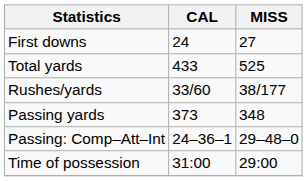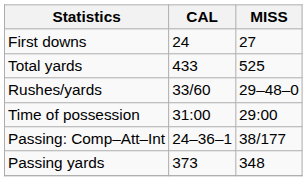 <table class="wikitable" style="float: left;">
 <tr>
 <th>Statistics</th>
 <th>CAL</th>
 <th>MISS</th>
 </tr>
 <tr>
 <td>First downs</td>
 <td>24</td>
 <td>27</td>
 </tr>
 <tr>
 <td>Total yards</td>
 <td>433</td>
 <td>525</td>
 </tr>
 <tr>
 <td>Rushes/yards</td>
 <td>33/60</td>
+<td>29–48–0</td>
+</tr>
+<tr>
+<td>Time of possession</td>
+<td>31:00</td>
+<td>29:00</td>
+</tr>
+<tr>
+<td>Passing: Comp–Att–Int</td>
+<td>24–36–1</td>
 <td>38/177</td>
 </tr>
 <tr>
 <td>Passing yards</td>
 <td>373</td>
 <td>348</td>
 </tr>
 <tr>
-<td>Passing: Comp–Att–Int</td>
-<td>24–36–1</td>
-<td>29–48–0</td>
-</tr>
-<tr>
-<td>Time of possession</td>
-<td>31:00</td>
-<td>29:00</td>
-</tr>
-<tr>
 </tr>
 </table>
